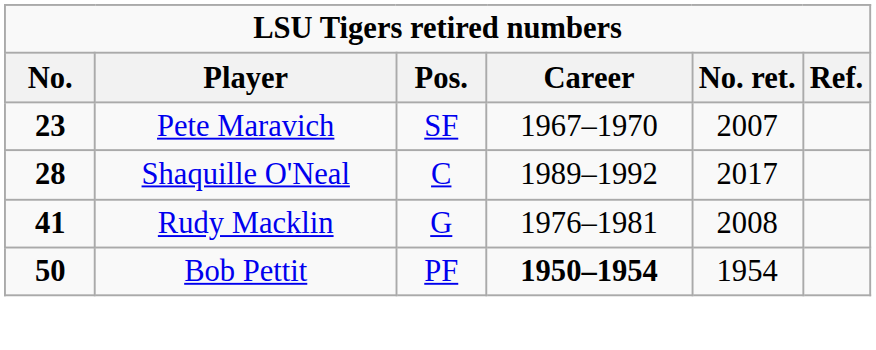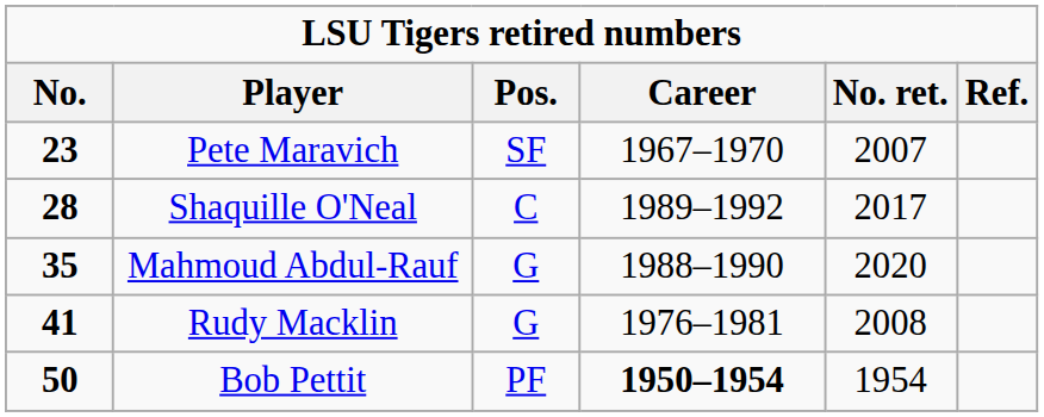 <table class="wikitable sortable" style="text-align:center">
 <tr>
 <td colspan=6><strong>LSU Tigers retired numbers</strong></td>
 </tr>
 <tr>
 <th width=40px>No.</th>
 <th width=150px>Player</th>
 <th width=40px>Pos.</th>
 <th width=100px>Career</th>
 <th width=px>No. ret.</th>
 <th width=px>Ref.</th>
 </tr>
 <tr>
 <td><strong>23</strong></td>
 <td><a href='#'>Pete Maravich</a></td>
 <td><a href='#'>SF</a></td>
 <td>1967–1970</td>
 <td>2007</td>
 <td></td>
 </tr>
 <tr>
 <td><strong>28</strong></td>
 <td><a href='#'>Shaquille O'Neal</a></td>
 <td><a href='#'>C</a></td>
 <td>1989–1992</td>
 <td>2017</td>
 <td></td>
 </tr>
 <tr>
+<td><strong>35</strong></td>
+<td><a href='#'>Mahmoud Abdul-Rauf</a></td>
+<td><a href='#'>G</a></td>
+<td>1988–1990</td>
+<td>2020</td>
+<td></td>
+</tr>
+<tr>
 <td><strong>41</strong></td>
 <td><a href='#'>Rudy Macklin</a></td>
 <td><a href='#'>G</a></td>
 <td>1976–1981</td>
 <td>2008</td>
 <td></td>
 </tr>
 <tr>
 <td><strong>50</strong></td>
 <td><a href='#'>Bob Pettit</a></td>
 <td><a href='#'>PF</a></td>
 <td><strong>1950–1954</strong></td>
 <td>1954</td>
 <td></td>
 </tr>
 </table>
